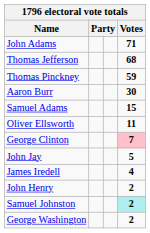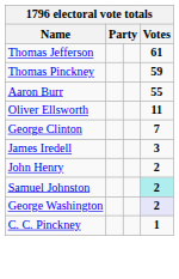 <table class="wikitable sortable floatleft" style="margin-right: 1em">
 <tr>
 <th colspan="4">1796 electoral vote totals</th>
 </tr>
 <tr a>
 <th>Name</th>
 <th colspan=2>Party</th>
 <th>Votes</th>
 </tr>
 <tr>
-<td><a href='#'>John Adams</a></td>
-<td style="background-color:"></td>
-<td></td>
-<td style="text-align:center;"><strong>71</strong></td>
-</tr>
-<tr>
 <td><a href='#'>Thomas Jefferson</a></td>
 <td style="background-color:"></td>
 <td></td>
-<td style="text-align:center;"><strong>68</strong></td>
+<td style="text-align:center;"><strong>61</strong></td>
 </tr>
 <tr>
 <td><a href='#'>Thomas Pinckney</a></td>
 <td style="background-color:"></td>
 <td></td>
 <td style="text-align:center;"><strong>59</strong></td>
 </tr>
 <tr>
 <td><a href='#'>Aaron Burr</a></td>
 <td style="background-color:"></td>
 <td></td>
-<td style="text-align:center;"><strong>30</strong></td>
-</tr>
-<tr>
-<td><a href='#'>Samuel Adams</a></td>
-<td style="background-color:"></td>
-<td></td>
-<td style="text-align:center;"><strong>15</strong></td>
+<td style="text-align:center;"><strong>55</strong></td>
 </tr>
 <tr>
 <td><a href='#'>Oliver Ellsworth</a></td>
 <td style="background-color:"></td>
 <td></td>
 <td style="text-align:center;"><strong>11</strong></td>
 </tr>
 <tr>
 <td><a href='#'>George Clinton</a></td>
 <td style="background-color:"></td>
 <td></td>
-<td style="background: pink; text-align:center;"><strong>7</strong></td>
-</tr>
-<tr>
-<td><a href='#'>John Jay</a></td>
-<td style="background-color:"></td>
-<td></td>
-<td style="text-align:center;"><strong>5</strong></td>
+<td style="text-align:center;"><strong>7</strong></td>
 </tr>
 <tr>
 <td><a href='#'>James Iredell</a></td>
 <td style="background-color:"></td>
 <td></td>
-<td style="text-align:center;"><strong>4</strong></td>
+<td style="text-align:center;"><strong>3</strong></td>
 </tr>
 <tr>
 <td><a href='#'>John Henry</a></td>
 <td style="background-color:"></td>
 <td></td>
 <td style="text-align:center;"><strong>2</strong></td>
 </tr>
 <tr>
 <td><a href='#'>Samuel Johnston</a></td>
 <td style="background-color:"></td>
 <td></td>
 <td style="background: paleturquoise; text-align:center;"><strong>2</strong></td>
 </tr>
 <tr>
 <td><a href='#'>George Washington</a></td>
 <td style="background-color:"></td>
 <td></td>
-<td style="text-align:center;"><strong>2</strong></td>
+<td style="background: lavender; text-align:center;"><strong>2</strong></td>
+</tr>
+<tr>
+<td><a href='#'>C. C. Pinckney</a></td>
+<td style="background-color:"></td>
+<td></td>
+<td style="text-align:center;"><strong>1</strong></td>
 </tr>
 </table>
